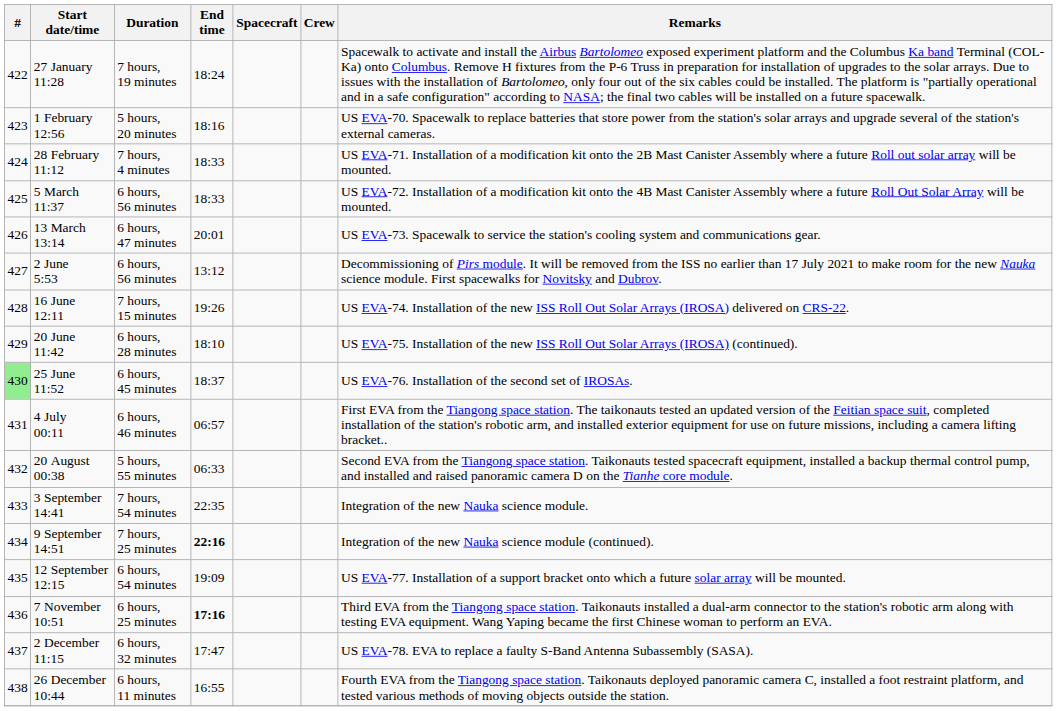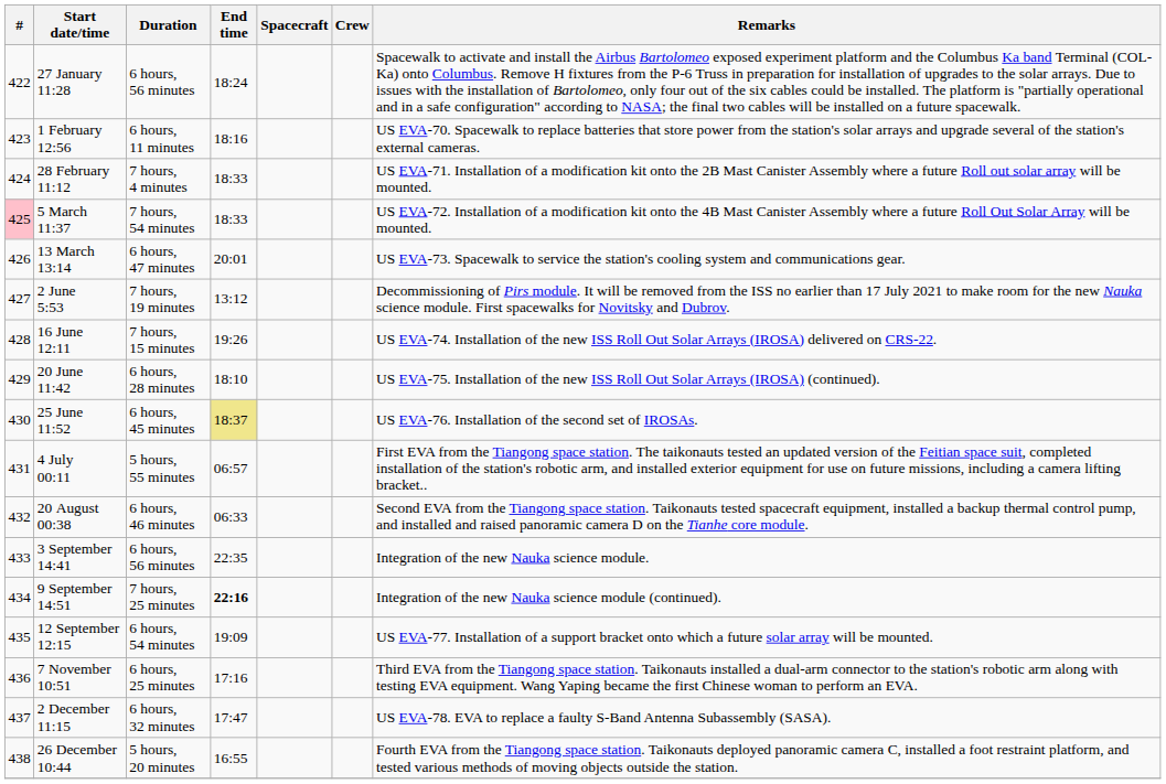 <table class="wikitable sticky-header">
 <tr>
 <th>#</th>
 <th>Start date/time</th>
 <th>Duration</th>
 <th>End time</th>
 <th>Spacecraft</th>
 <th>Crew</th>
 <th>Remarks</th>
 </tr>
 <tr>
 <td>422</td>
 <td>27 January<br>11:28</td>
-<td>7 hours, 19 minutes</td>
+<td>6 hours, 56 minutes</td>
 <td>18:24</td>
 <td><br></td>
 <td></td>
 <td>Spacewalk to activate and install the <a href='#'> Airbus</a> <em><a href='#'> Bartolomeo</a></em> exposed experiment platform and the Columbus <a href='#'>Ka band</a> Terminal (COL-Ka) onto <a href='#'> Columbus</a>. Remove H fixtures from the P-6 Truss in preparation for installation of upgrades to the solar arrays. Due to issues with the installation of <em>Bartolomeo</em>, only four out of the six cables could be installed. The platform is "partially operational and in a safe configuration" according to <a href='#'>NASA</a>; the final two cables will be installed on a future spacewalk.</td>
 </tr>
 <tr>
 <td>423</td>
 <td>1 February<br>12:56</td>
-<td>5 hours, 20 minutes</td>
+<td>6 hours, 11 minutes</td>
 <td>18:16</td>
 <td><br></td>
 <td></td>
 <td>US <a href='#'> EVA</a>-70. Spacewalk to replace batteries that store power from the station's solar arrays and upgrade several of the station's external cameras.</td>
 </tr>
 <tr>
 <td>424</td>
 <td>28 February<br>11:12</td>
 <td>7 hours, 4 minutes</td>
 <td>18:33</td>
 <td><br></td>
 <td></td>
 <td>US <a href='#'> EVA</a>-71. Installation of a modification kit onto the 2B Mast Canister Assembly where a future <a href='#'> Roll out solar array</a> will be mounted.</td>
 </tr>
 <tr>
-<td>425</td>
+<td style="background: pink;">425</td>
 <td>5 March<br>11:37</td>
-<td>6 hours, 56 minutes</td>
+<td>7 hours, 54 minutes</td>
 <td>18:33</td>
 <td><br></td>
 <td></td>
 <td>US <a href='#'> EVA</a>-72. Installation of a modification kit onto the 4B Mast Canister Assembly where a future <a href='#'>Roll Out Solar Array</a> will be mounted.</td>
 </tr>
 <tr>
 <td>426</td>
 <td>13 March<br>13:14</td>
 <td>6 hours, 47 minutes</td>
 <td>20:01</td>
 <td><br></td>
 <td></td>
 <td>US <a href='#'> EVA</a>-73. Spacewalk to service the station's cooling system and communications gear.</td>
 </tr>
 <tr>
 <td>427</td>
 <td>2 June<br>5:53</td>
-<td>6 hours, 56 minutes</td>
+<td>7 hours, 19 minutes</td>
 <td>13:12</td>
 <td><br></td>
 <td></td>
 <td>Decommissioning of <a href='#'> <em>Pirs</em> module</a>. It will be removed from the ISS no earlier than 17 July 2021 to make room for the new <em><a href='#'> Nauka</a></em> science module. First spacewalks for <a href='#'> Novitsky</a> and <a href='#'> Dubrov</a>.</td>
 </tr>
 <tr>
 <td>428</td>
 <td>16 June<br>12:11</td>
 <td>7 hours, 15 minutes</td>
 <td>19:26</td>
 <td><br></td>
 <td></td>
 <td>US <a href='#'>EVA</a>-74. Installation of the new <a href='#'> ISS Roll Out Solar Arrays (IROSA)</a> delivered on <a href='#'> CRS-22</a>.</td>
 </tr>
 <tr>
 <td>429</td>
 <td>20 June<br>11:42</td>
 <td>6 hours, 28 minutes</td>
 <td>18:10</td>
 <td><br></td>
 <td></td>
 <td>US <a href='#'> EVA</a>-75. Installation of the new <a href='#'> ISS Roll Out Solar Arrays (IROSA)</a> (continued).</td>
 </tr>
 <tr>
-<td style="background: lightgreen;">430</td>
+<td>430</td>
 <td>25 June<br>11:52</td>
 <td>6 hours, 45 minutes</td>
-<td>18:37</td>
+<td style="background: khaki;">18:37</td>
 <td><br></td>
 <td></td>
 <td>US <a href='#'> EVA</a>-76. Installation of the second set of <a href='#'> IROSAs</a>.</td>
 </tr>
 <tr>
 <td>431</td>
 <td>4 July<br>00:11</td>
-<td>6 hours, 46 minutes</td>
+<td>5 hours, 55 minutes</td>
 <td>06:57</td>
 <td><br></td>
 <td></td>
 <td>First EVA from the <a href='#'>Tiangong space station</a>. The taikonauts tested an updated version of the <a href='#'>Feitian space suit</a>, completed installation of the station's robotic arm, and installed exterior equipment for use on future missions, including a camera lifting bracket..</td>
 </tr>
 <tr>
 <td>432</td>
 <td>20 August<br>00:38</td>
-<td>5 hours, 55 minutes</td>
+<td>6 hours, 46 minutes</td>
 <td>06:33</td>
 <td><br></td>
 <td></td>
 <td>Second EVA from the <a href='#'>Tiangong space station</a>. Taikonauts tested spacecraft equipment, installed a backup thermal control pump, and installed and raised panoramic camera D on the <a href='#'> <em>Tianhe</em> core module</a>.</td>
 </tr>
 <tr>
 <td>433</td>
 <td>3 September<br>14:41</td>
-<td>7 hours, 54 minutes</td>
+<td>6 hours, 56 minutes</td>
 <td>22:35</td>
 <td><br></td>
 <td></td>
 <td>Integration of the new <a href='#'> Nauka</a> science module.</td>
 </tr>
 <tr>
 <td>434</td>
 <td>9 September<br>14:51</td>
 <td>7 hours, 25 minutes</td>
 <td><strong>22:16</strong></td>
 <td><br></td>
 <td></td>
 <td>Integration of the new <a href='#'> Nauka</a> science module (continued).</td>
 </tr>
 <tr>
 <td>435</td>
 <td>12 September<br>12:15</td>
 <td>6 hours, 54 minutes</td>
 <td>19:09</td>
 <td><br></td>
 <td></td>
 <td>US <a href='#'> EVA</a>-77. Installation of a support bracket onto which a future <a href='#'> solar array</a> will be mounted.</td>
 </tr>
 <tr>
 <td>436</td>
 <td>7 November<br>10:51</td>
 <td>6 hours, 25 minutes</td>
-<td><strong>17:16</strong></td>
+<td>17:16</td>
 <td><br></td>
 <td></td>
 <td>Third EVA from the <a href='#'>Tiangong space station</a>. Taikonauts installed a dual-arm connector to the station's robotic arm along with testing EVA equipment. Wang Yaping became the first Chinese woman to perform an EVA.</td>
 </tr>
 <tr>
 <td>437</td>
 <td>2 December<br>11:15</td>
 <td>6 hours, 32 minutes</td>
 <td>17:47</td>
 <td><br></td>
 <td></td>
 <td>US <a href='#'> EVA</a>-78. EVA to replace a faulty S-Band Antenna Subassembly (SASA).</td>
 </tr>
 <tr>
 <td>438</td>
 <td>26 December<br>10:44</td>
-<td>6 hours, 11 minutes</td>
+<td>5 hours, 20 minutes</td>
 <td>16:55</td>
 <td><br></td>
 <td></td>
 <td>Fourth EVA from the <a href='#'>Tiangong space station</a>. Taikonauts deployed panoramic camera C, installed a foot restraint platform, and tested various methods of moving objects outside the station.</td>
 </tr>
 <tr>
 </tr>
 </table>
